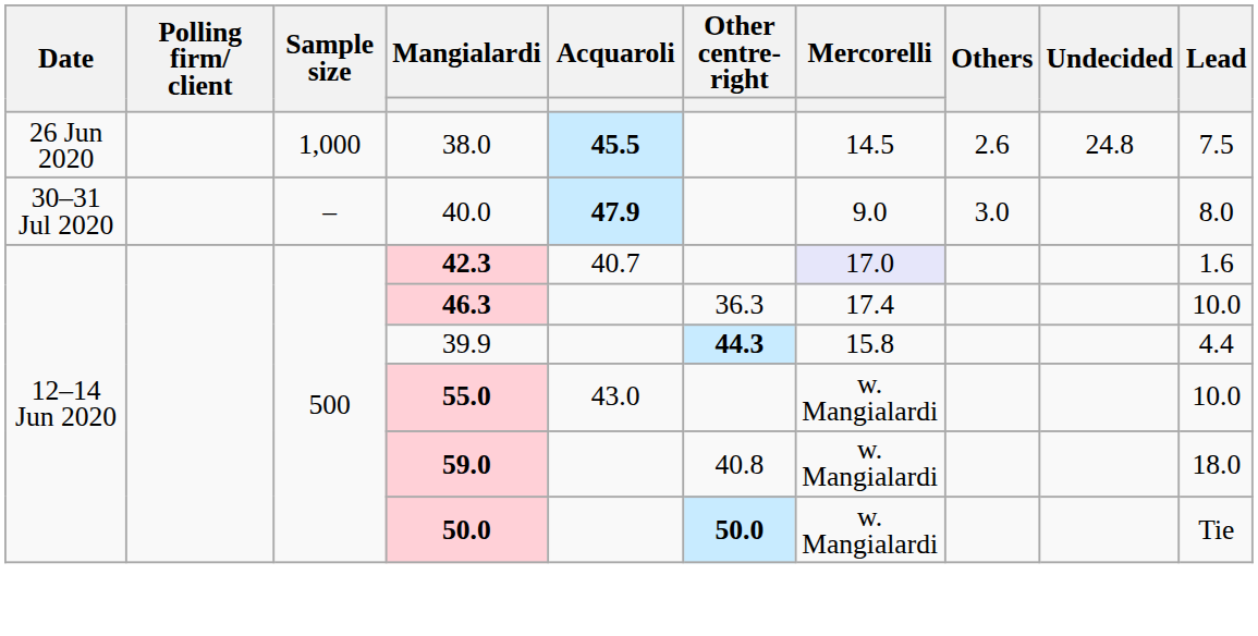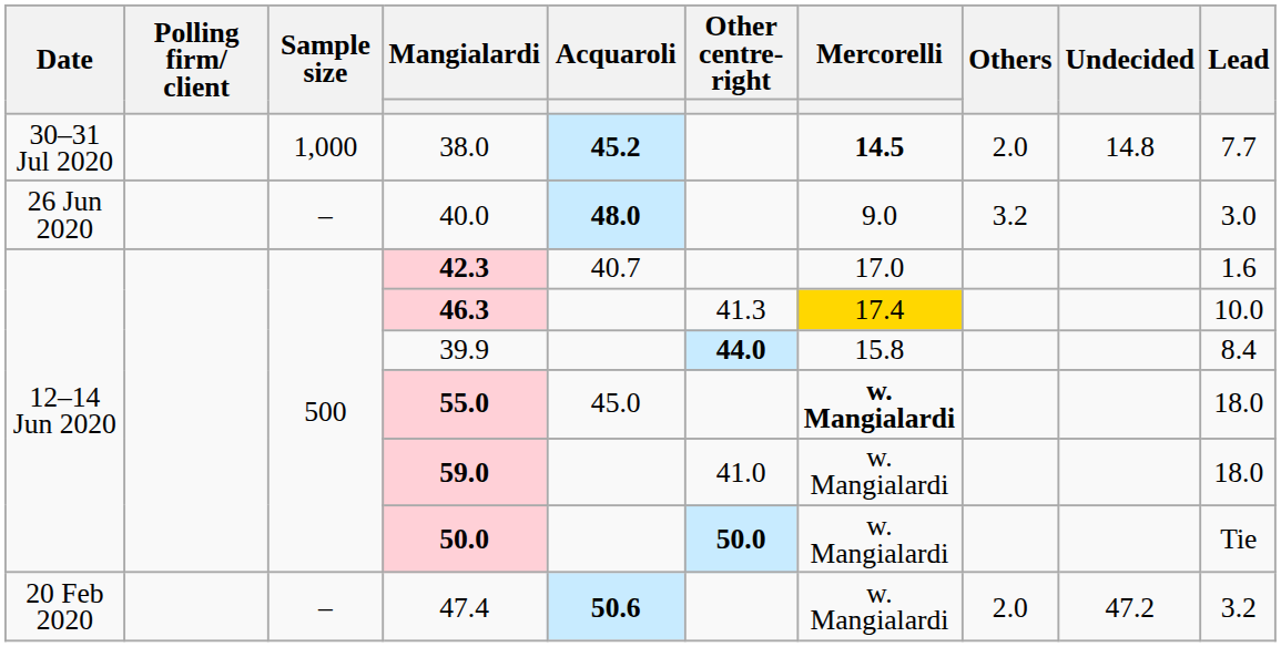 <table class="wikitable collapsible collapsed" style="text-align:center;font-size:85%;line-height:13px">
 <tr style="height:30px; background-color:#E9E9E9">
 <th style="width:110px;" rowspan="2">Date</th>
 <th style="width:120px;" rowspan="2">Polling firm/<br>client</th>
 <th style="width:60px;" rowspan="2">Sample size</th>
 <th style="width:65px;">Mangialardi</th>
 <th style="width:65px;">Acquaroli</th>
 <th style="width:65px;">Other centre-right</th>
 <th style="width:65px;">Mercorelli</th>
 <th style="width:35px;" rowspan="2">Others</th>
 <th style="width:35px;" rowspan="2">Undecided</th>
 <th style="width:25px;" rowspan="2">Lead</th>
 </tr>
 <tr>
 <th style="background:"></th>
 <th style="background:"></th>
 <th style="background:"></th>
 <th style="background:"></th>
 </tr>
 <tr>
-<td>26 Jun 2020</td>
+<td>30–31 Jul 2020</td>
 <td></td>
 <td>1,000</td>
 <td>38.0</td>
-<td style="background:#C8EBFF"><strong>45.5</strong></td>
+<td style="background:#C8EBFF"><strong>45.2</strong></td>
 <td></td>
-<td>14.5</td>
-<td>2.6</td>
-<td>24.8</td>
-<td style="background:">7.5</td>
+<td><strong>14.5</strong></td>
+<td>2.0</td>
+<td>14.8</td>
+<td style="background:">7.7</td>
 </tr>
 <tr>
-<td>30–31 Jul 2020</td>
+<td>26 Jun 2020</td>
 <td></td>
 <td>–</td>
 <td>40.0</td>
-<td style="background:#C8EBFF"><strong>47.9</strong></td>
+<td style="background:#C8EBFF"><strong>48.0</strong></td>
 <td></td>
 <td>9.0</td>
-<td>3.0</td>
+<td>3.2</td>
 <td></td>
-<td style="background:">8.0</td>
+<td style="background:">3.0</td>
 </tr>
 <tr>
 <td rowspan="6">12–14 Jun 2020</td>
 <td rowspan="6"> </td>
 <td rowspan="6">500</td>
 <td style="background:#FFD0D7"><strong>42.3</strong></td>
 <td>40.7</td>
 <td></td>
-<td style="background: lavender;">17.0</td>
+<td>17.0</td>
 <td></td>
 <td></td>
 <td style="background:">1.6</td>
 </tr>
 <tr>
 <td style="background:#FFD0D7"><strong>46.3</strong></td>
 <td></td>
-<td>36.3</td>
-<td>17.4</td>
+<td>41.3</td>
+<td style="background: gold;">17.4</td>
 <td></td>
 <td></td>
 <td style="background:">10.0</td>
 </tr>
 <tr>
 <td>39.9</td>
 <td></td>
-<td style="background:#C8EBFF"><strong>44.3</strong></td>
+<td style="background:#C8EBFF"><strong>44.0</strong></td>
 <td>15.8</td>
 <td></td>
 <td></td>
-<td style="background:">4.4</td>
+<td style="background:">8.4</td>
 </tr>
 <tr>
 <td style="background:#FFD0D7"><strong>55.0</strong></td>
-<td>43.0</td>
+<td>45.0</td>
 <td></td>
-<td>w. Mangialardi</td>
+<td><strong>w. Mangialardi</strong></td>
 <td></td>
 <td></td>
-<td style="background:">10.0</td>
+<td style="background:">18.0</td>
 </tr>
 <tr>
 <td style="background:#FFD0D7"><strong>59.0</strong></td>
 <td></td>
-<td>40.8</td>
+<td>41.0</td>
 <td>w. Mangialardi</td>
 <td></td>
 <td></td>
 <td style="background:">18.0</td>
 </tr>
 <tr>
 <td style="background:#FFD0D7"><strong>50.0</strong></td>
 <td></td>
 <td style="background:#C8EBFF"><strong>50.0</strong></td>
 <td>w. Mangialardi</td>
 <td></td>
 <td></td>
 <td>Tie</td>
 </tr>
+<tr>
+<td>20 Feb 2020</td>
+<td></td>
+<td>–</td>
+<td>47.4</td>
+<td style="background:#C8EBFF"><strong>50.6</strong></td>
+<td></td>
+<td>w. Mangialardi</td>
+<td>2.0</td>
+<td>47.2</td>
+<td style="background:">3.2</td>
+</tr>
 </table>
